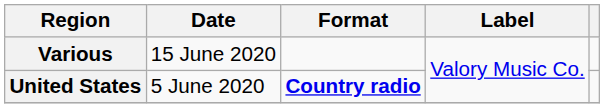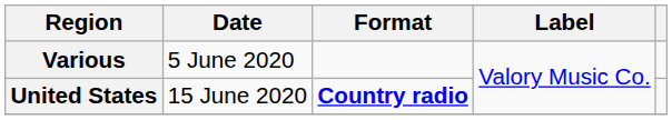 <table class="wikitable plainrowheaders">
 <tr>
 <th>Region</th>
 <th>Date</th>
 <th>Format</th>
 <th>Label</th>
 <th></th>
 </tr>
 <tr>
 <th scope="row">Various</th>
-<td>15 June 2020</td>
+<td>5 June 2020</td>
 <td></td>
 <td rowspan="2'"><a href='#'>Valory Music Co.</a></td>
 <td></td>
 </tr>
 <tr>
 <th scope="row">United States</th>
-<td>5 June 2020</td>
+<td>15 June 2020</td>
 <td><strong><a href='#'>Country radio</a></strong></td>
 <td></td>
 </tr>
 <tr>
 </tr>
 </table>
